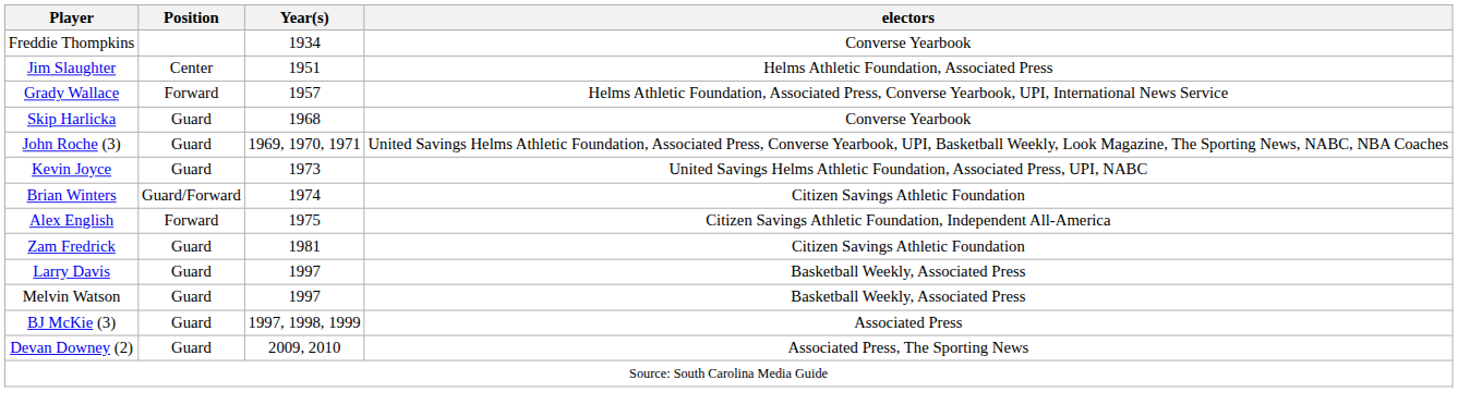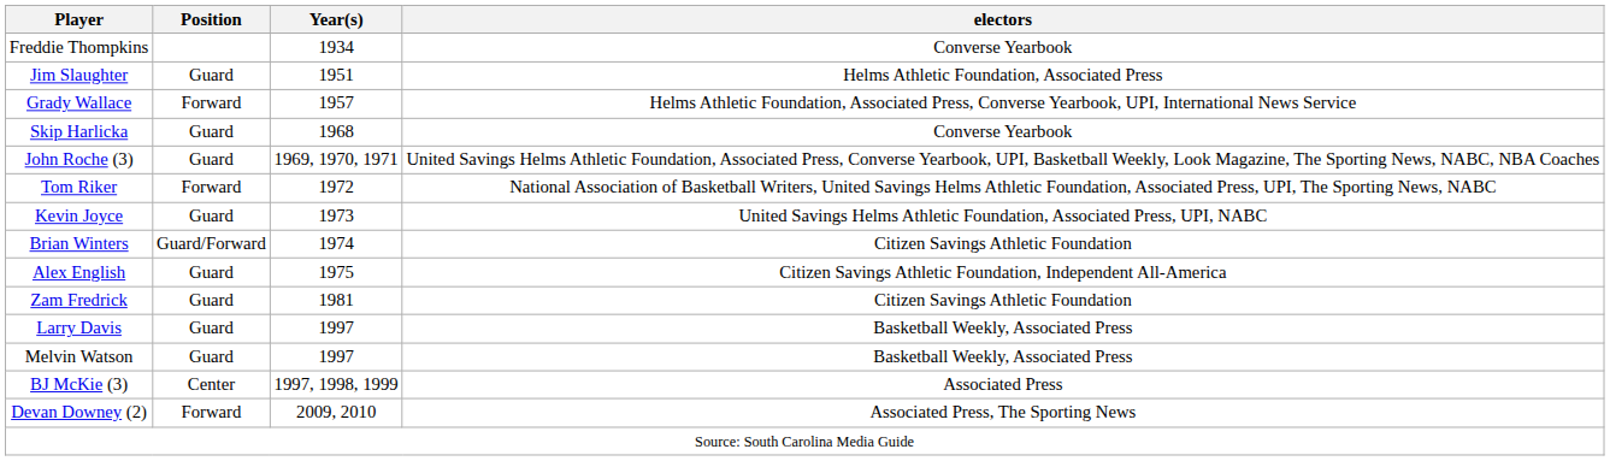 <table class="wikitable" style="background:white; min-width:70%">
 <tr>
 <th>Player</th>
 <th>Position</th>
 <th>Year(s)</th>
 <th>electors</th>
 </tr>
 <tr style="text-align:center;">
 <td>Freddie Thompkins</td>
 <td></td>
 <td>1934</td>
 <td>Converse Yearbook</td>
 </tr>
 <tr style="text-align:center;">
 <td><a href='#'>Jim Slaughter</a></td>
-<td>Center</td>
+<td>Guard</td>
 <td>1951</td>
 <td>Helms Athletic Foundation, Associated Press</td>
 </tr>
 <tr style="text-align:center;">
 <td><a href='#'>Grady Wallace</a></td>
 <td>Forward</td>
 <td>1957</td>
 <td>Helms Athletic Foundation, Associated Press, Converse Yearbook, UPI, International News Service</td>
 </tr>
 <tr style="text-align:center;">
 <td><a href='#'>Skip Harlicka</a></td>
 <td>Guard</td>
 <td>1968</td>
 <td>Converse Yearbook</td>
 </tr>
 <tr style="text-align:center;">
 <td><a href='#'>John Roche</a> (3)</td>
 <td>Guard</td>
 <td>1969, 1970, 1971</td>
 <td>United Savings Helms Athletic Foundation, Associated Press, Converse Yearbook, UPI, Basketball Weekly, Look Magazine, The Sporting News, NABC, NBA Coaches</td>
 </tr>
 <tr style="text-align:center;">
+<td><a href='#'>Tom Riker</a></td>
+<td>Forward</td>
+<td>1972</td>
+<td>National Association of Basketball Writers, United Savings Helms Athletic Foundation, Associated Press, UPI, The Sporting News, NABC</td>
+</tr>
+<tr style="text-align:center;">
 <td><a href='#'>Kevin Joyce</a></td>
 <td>Guard</td>
 <td>1973</td>
 <td>United Savings Helms Athletic Foundation, Associated Press, UPI, NABC</td>
 </tr>
 <tr style="text-align:center;">
 <td><a href='#'>Brian Winters</a></td>
 <td>Guard/Forward</td>
 <td>1974</td>
 <td>Citizen Savings Athletic Foundation</td>
 </tr>
 <tr style="text-align:center;">
 <td><a href='#'>Alex English</a></td>
-<td>Forward</td>
+<td>Guard</td>
 <td>1975</td>
 <td>Citizen Savings Athletic Foundation, Independent All-America</td>
 </tr>
 <tr style="text-align:center;">
 <td><a href='#'>Zam Fredrick</a></td>
 <td>Guard</td>
 <td>1981</td>
 <td>Citizen Savings Athletic Foundation</td>
 </tr>
 <tr style="text-align:center;">
 <td><a href='#'>Larry Davis</a></td>
 <td>Guard</td>
 <td>1997</td>
 <td>Basketball Weekly, Associated Press</td>
 </tr>
 <tr style="text-align:center;">
 <td>Melvin Watson</td>
 <td>Guard</td>
 <td>1997</td>
 <td>Basketball Weekly, Associated Press</td>
 </tr>
 <tr style="text-align:center;">
 <td><a href='#'>BJ McKie</a> (3)</td>
-<td>Guard</td>
+<td>Center</td>
 <td>1997, 1998, 1999</td>
 <td>Associated Press</td>
 </tr>
 <tr style="text-align:center;">
 <td><a href='#'>Devan Downey</a> (2)</td>
-<td>Guard</td>
+<td>Forward</td>
 <td>2009, 2010</td>
 <td>Associated Press, The Sporting News</td>
 </tr>
 <tr style="text-align:center;">
 <td colspan=4><small>Source: South Carolina Media Guide</small></td>
 </tr>
 </table>
